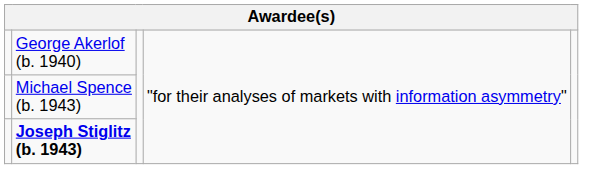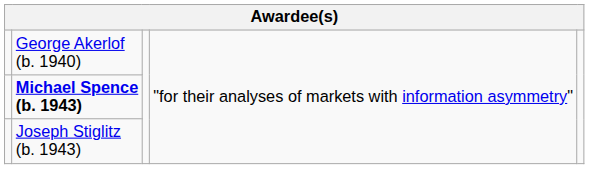 <table class="wikitable">
 <tr>
 <th colspan="5">Awardee(s)</th>
 </tr>
 <tr>
 <td></td>
 <td><a href='#'>George Akerlof</a><br>(b. 1940)</td>
 <td rowspan="3"></td>
 <td rowspan="3">"for their analyses of markets with <a href='#'>information asymmetry</a>"</td>
 <td rowspan="3"></td>
 </tr>
 <tr>
 <td></td>
-<td><a href='#'>Michael Spence</a><br>(b. 1943)</td>
+<td><strong><a href='#'>Michael Spence</a><br>(b. 1943)</strong></td>
 </tr>
 <tr>
 <td></td>
-<td><strong><a href='#'>Joseph Stiglitz</a><br>(b. 1943)</strong></td>
+<td><a href='#'>Joseph Stiglitz</a><br>(b. 1943)</td>
 </tr>
 </table>
